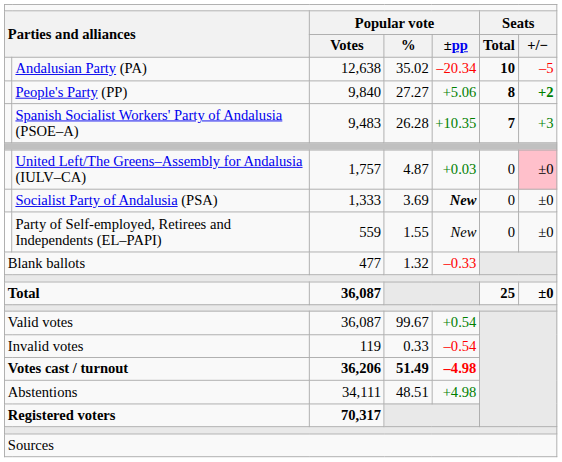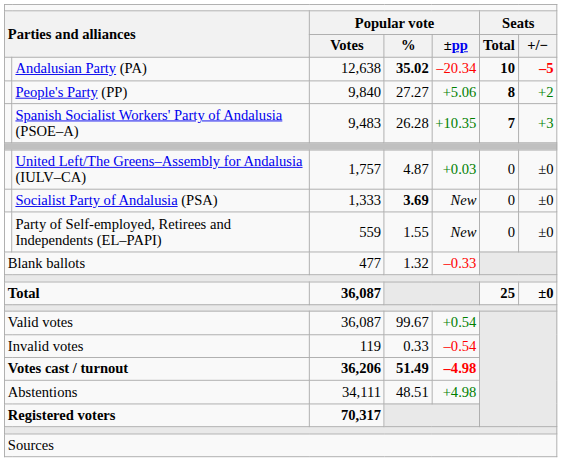 <table class="wikitable" style="text-align:right;">
 <tr>
 <td colspan="7"></td>
 </tr>
 <tr>
 <th style="text-align:left;" rowspan="2" colspan="2" width="525">Parties and alliances</th>
 <th colspan="3">Popular vote</th>
 <th colspan="2">Seats</th>
 </tr>
 <tr>
 <th width="75">Votes</th>
 <th width="45">%</th>
 <th width="45">±<a href='#'>pp</a></th>
 <th width="35">Total</th>
 <th width="35">+/−</th>
 </tr>
 <tr>
 <td width="1" style="color:inherit;background:"></td>
 <td align="left"><a href='#'>Andalusian Party</a> (PA)</td>
 <td>12,638</td>
-<td>35.02</td>
+<td><strong>35.02</strong></td>
 <td style="color:red;">–20.34</td>
 <td><strong>10</strong></td>
-<td style="color:red;">–5</td>
+<td style="color:red;"><strong>–5</strong></td>
 </tr>
 <tr>
 <td style="color:inherit;background:"></td>
 <td align="left"><a href='#'>People's Party</a> (PP)</td>
 <td>9,840</td>
 <td>27.27</td>
 <td style="color:green;">+5.06</td>
 <td><strong>8</strong></td>
-<td style="color:green;"><strong>+2</strong></td>
+<td style="color:green;">+2</td>
 </tr>
 <tr>
 <td style="color:inherit;background:"></td>
 <td align="left"><a href='#'>Spanish Socialist Workers' Party of Andalusia</a> (PSOE–A)</td>
 <td>9,483</td>
 <td>26.28</td>
 <td style="color:green;">+10.35</td>
 <td><strong>7</strong></td>
 <td style="color:green;">+3</td>
 </tr>
 <tr>
 <td colspan="7" bgcolor="#C0C0C0"></td>
 </tr>
 <tr>
 <td style="color:inherit;background:"></td>
 <td align="left"><a href='#'>United Left/The Greens–Assembly for Andalusia</a> (IULV–CA)</td>
 <td>1,757</td>
 <td>4.87</td>
 <td style="color:green;">+0.03</td>
 <td>0</td>
-<td style="background: pink;">±0</td>
+<td>±0</td>
 </tr>
 <tr>
 <td style="color:inherit;background:"></td>
 <td align="left"><a href='#'>Socialist Party of Andalusia</a> (PSA)</td>
 <td>1,333</td>
-<td>3.69</td>
-<td><strong><em>New</em></strong></td>
+<td><strong>3.69</strong></td>
+<td><em>New</em></td>
 <td>0</td>
 <td>±0</td>
 </tr>
 <tr>
 <td bgcolor="white"></td>
 <td align="left">Party of Self-employed, Retirees and Independents (EL–PAPI)</td>
 <td>559</td>
 <td>1.55</td>
 <td><em>New</em></td>
 <td>0</td>
 <td>±0</td>
 </tr>
 <tr>
 <td align="left" colspan="2">Blank ballots</td>
 <td>477</td>
 <td>1.32</td>
 <td style="color:red;">–0.33</td>
 <td bgcolor="#E9E9E9" colspan="2"></td>
 </tr>
 <tr>
 <td colspan="7" bgcolor="#E9E9E9"></td>
 </tr>
 <tr style="font-weight:bold;">
 <td align="left" colspan="2">Total</td>
 <td>36,087</td>
 <td bgcolor="#E9E9E9" colspan="2"></td>
 <td>25</td>
 <td>±0</td>
 </tr>
 <tr>
 <td colspan="7" bgcolor="#E9E9E9"></td>
 </tr>
 <tr>
 <td align="left" colspan="2">Valid votes</td>
 <td>36,087</td>
 <td>99.67</td>
 <td style="color:green;">+0.54</td>
 <td bgcolor="#E9E9E9" colspan="2" rowspan="5"></td>
 </tr>
 <tr>
 <td align="left" colspan="2">Invalid votes</td>
 <td>119</td>
 <td>0.33</td>
 <td style="color:red;">–0.54</td>
 </tr>
 <tr style="font-weight:bold;">
 <td align="left" colspan="2">Votes cast / turnout</td>
 <td>36,206</td>
 <td>51.49</td>
 <td style="color:red;">–4.98</td>
 </tr>
 <tr>
 <td align="left" colspan="2">Abstentions</td>
 <td>34,111</td>
 <td>48.51</td>
 <td style="color:green;">+4.98</td>
 </tr>
 <tr style="font-weight:bold;">
 <td align="left" colspan="2">Registered voters</td>
 <td>70,317</td>
 <td bgcolor="#E9E9E9" colspan="2"></td>
 </tr>
 <tr>
 <td colspan="7" bgcolor="#E9E9E9"></td>
 </tr>
 <tr>
 <td align="left" colspan="7">Sources</td>
 </tr>
 </table>
